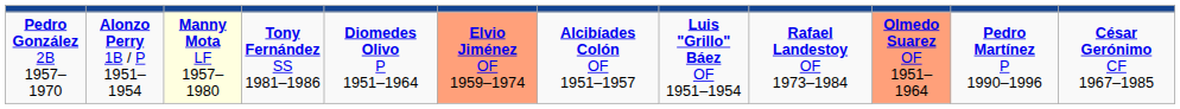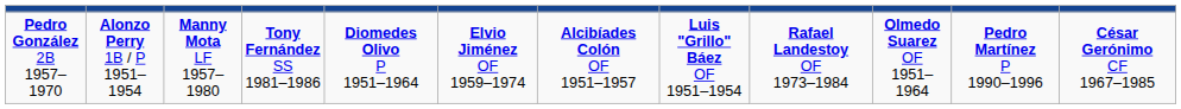 <table class="wikitable" style="text-align:center;">
 <tr>
 <td style="background:#134492;"></td>
 <td style="background:#134492;"></td>
 <td style="background:#134492;"></td>
 <td style="background:#134492;"></td>
 <td style="background:#134492;"></td>
 <td style="background:#134492;"></td>
 <td style="background:#134492;"></td>
 <td style="background:#134492;"></td>
 <td style="background:#134492;"></td>
 <td style="background:#134492;"></td>
 <td style="background:#134492;"></td>
 <td style="background:#134492;"></td>
 </tr>
 <tr>
 <td><strong><a href='#'>Pedro<br>González</a></strong> <br> <a href='#'>2B</a> <br> 1957–1970</td>
 <td><strong><a href='#'>Alonzo<br>Perry</a></strong> <br> <a href='#'>1B</a> / <a href='#'>P</a> <br> 1951–1954</td>
-<td style="background: lightyellow;"><strong><a href='#'>Manny<br>Mota</a></strong> <br> <a href='#'>LF</a> <br> 1957–1980</td>
+<td><strong><a href='#'>Manny<br>Mota</a></strong> <br> <a href='#'>LF</a> <br> 1957–1980</td>
 <td><strong><a href='#'>Tony<br>Fernández</a></strong> <br> <a href='#'>SS</a> <br> 1981–1986</td>
 <td><strong><a href='#'>Diomedes Olivo</a></strong> <br> <a href='#'>P</a> <br> 1951–1964</td>
-<td style="background: lightsalmon;"><strong><a href='#'>Elvio Jiménez</a></strong> <br> <a href='#'>OF</a> <br> 1959–1974</td>
+<td><strong><a href='#'>Elvio Jiménez</a></strong> <br> <a href='#'>OF</a> <br> 1959–1974</td>
 <td><strong><a href='#'>Alcibíades Colón</a></strong> <br> <a href='#'>OF</a> <br> 1951–1957</td>
 <td><strong><a href='#'>Luis "Grillo"<br>Báez</a></strong> <br> <a href='#'>OF</a> <br> 1951–1954</td>
 <td><strong><a href='#'>Rafael Landestoy</a></strong> <br>  <a href='#'>OF</a> <br> 1973–1984</td>
-<td style="background: lightsalmon;"><strong><a href='#'>Olmedo<br>Suarez</a></strong> <br> <a href='#'>OF</a> <br> 1951–1964</td>
+<td><strong><a href='#'>Olmedo<br>Suarez</a></strong> <br> <a href='#'>OF</a> <br> 1951–1964</td>
 <td><strong><a href='#'>Pedro Martínez</a></strong> <br> <a href='#'>P</a> <br> 1990–1996</td>
 <td><strong><a href='#'>César Gerónimo</a></strong> <br> <a href='#'>CF</a> <br> 1967–1985</td>
 </tr>
 </table>
